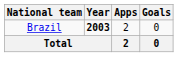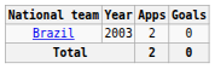 <table class="wikitable" style="text-align:center">
 <tr>
 <th>National team</th>
 <th>Year</th>
 <th>Apps</th>
 <th>Goals</th>
 </tr>
 <tr>
 <td><a href='#'>Brazil</a></td>
-<td><strong>2003</strong></td>
+<td>2003</td>
 <td>2</td>
 <td>0</td>
 </tr>
 <tr>
 <th colspan="2">Total</th>
 <th>2</th>
 <th>0</th>
 </tr>
 </table>
